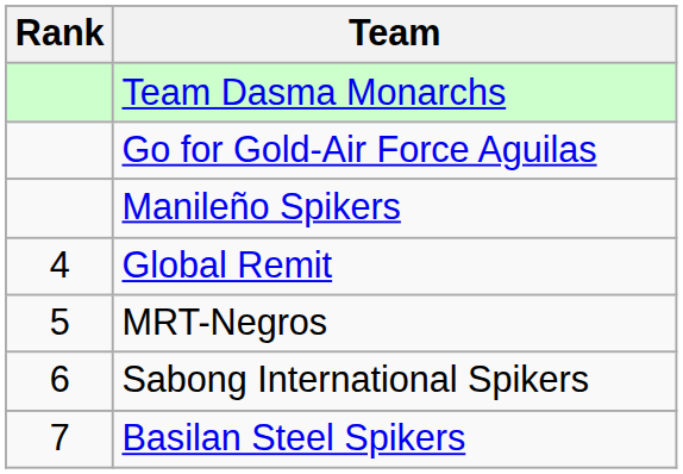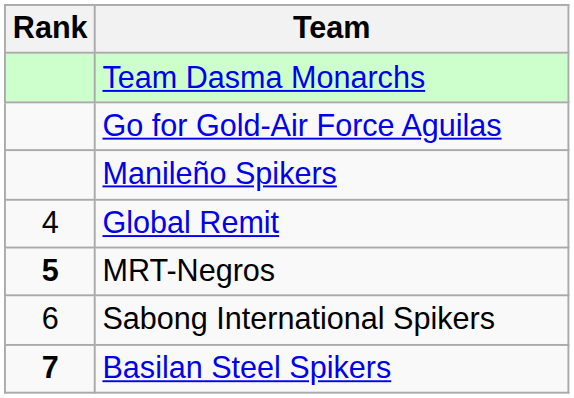 <table class="wikitable" style="text-align:center;">
 <tr>
 <th width=40>Rank</th>
 <th width=240>Team</th>
 </tr>
 <tr bgcolor=#ccffcc>
 <td></td>
 <td style="text-align:left;"><a href='#'>Team Dasma Monarchs</a></td>
 </tr>
 <tr>
 <td></td>
 <td style="text-align:left;"><a href='#'>Go for Gold-Air Force Aguilas</a></td>
 </tr>
 <tr>
 <td></td>
 <td style="text-align:left;"><a href='#'>Manileño Spikers</a></td>
 </tr>
 <tr>
 <td>4</td>
 <td style="text-align:left;"><a href='#'>Global Remit</a></td>
 </tr>
 <tr>
-<td>5</td>
+<td><strong>5</strong></td>
 <td style="text-align:left;">MRT-Negros</td>
 </tr>
 <tr>
 <td>6</td>
 <td style="text-align:left;">Sabong International Spikers</td>
 </tr>
 <tr>
-<td>7</td>
+<td><strong>7</strong></td>
 <td style="text-align:left;"><a href='#'>Basilan Steel Spikers</a></td>
 </tr>
 </table>
